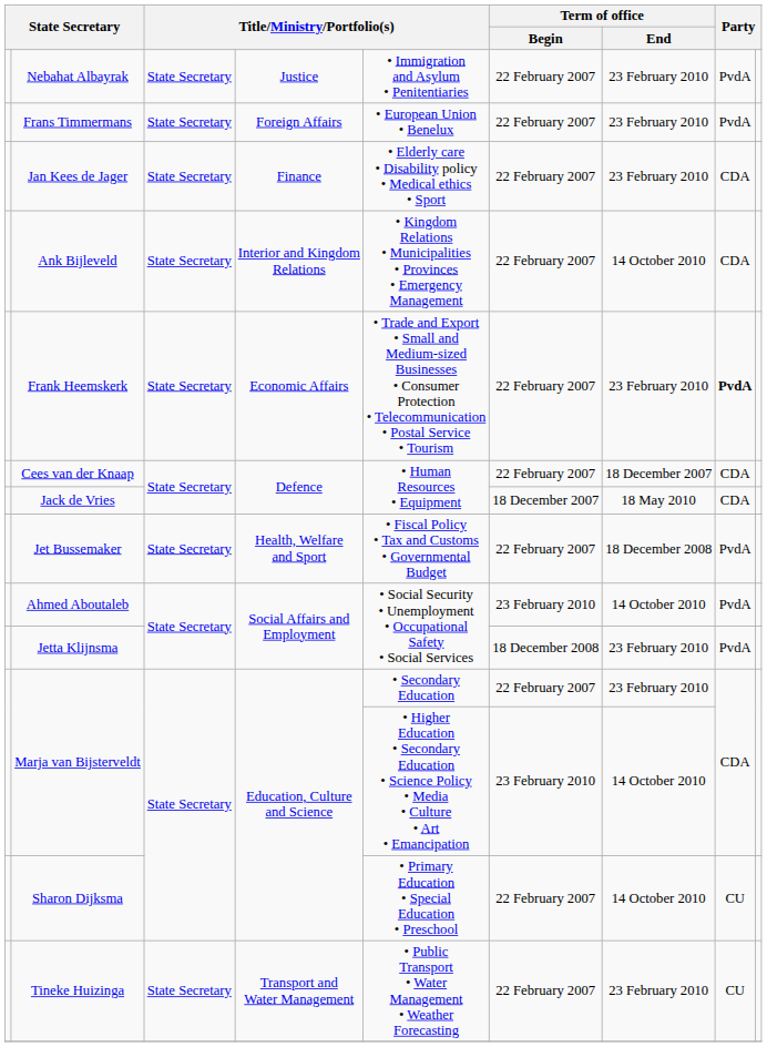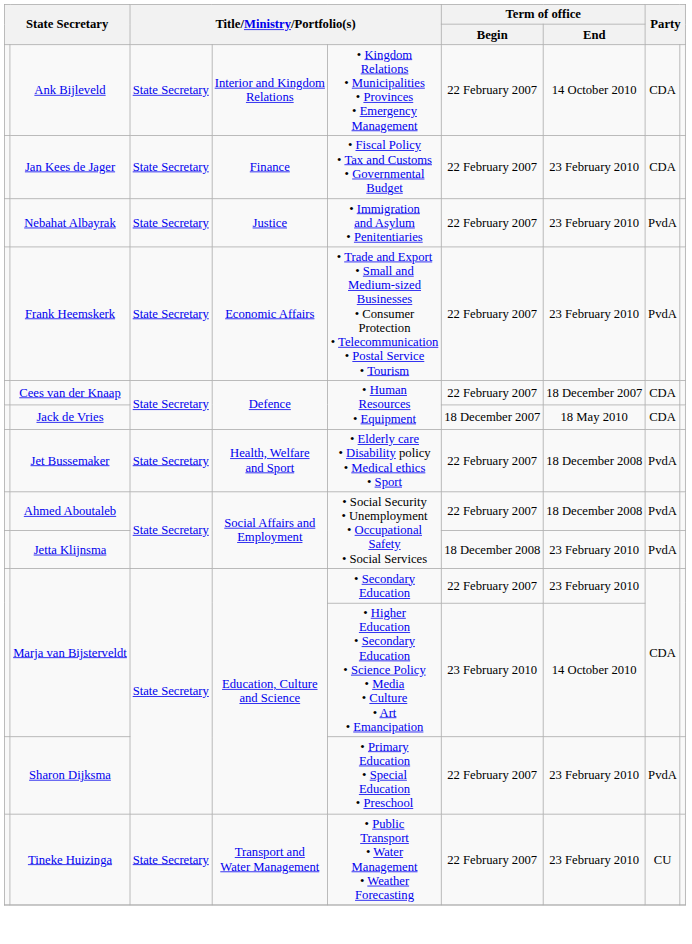 <table class="wikitable sortable" style="text-align:center">
 <tr>
 <th colspan=2 rowspan=2>State Secretary</th>
 <th colspan=3 rowspan=2>Title/<a href='#'>Ministry</a>/Portfolio(s)</th>
 <th class=unsortable colspan="2">Term of office</th>
 <th rowspan=2 colspan=2>Party</th>
 </tr>
 <tr>
 <th data-sort-type=date>Begin</th>
 <th data-sort-type=date>End</th>
+</tr>
+<tr>
+<td></td>
+<td><a href='#'>Ank Bijleveld</a></td>
+<td><a href='#'>State Secretary</a></td>
+<td><a href='#'>Interior and Kingdom <br> Relations</a></td>
+<td>• <a href='#'>Kingdom <br> Relations</a> <br> • <a href='#'>Municipalities</a> <br> • <a href='#'>Provinces</a> <br> • <a href='#'>Emergency <br> Management</a></td>
+<td>22 February 2007</td>
+<td>14 October 2010</td>
+<td>CDA</td>
+<td style="background:"></td>
+</tr>
+<tr>
+<td></td>
+<td><a href='#'>Jan Kees de Jager</a></td>
+<td><a href='#'>State Secretary</a></td>
+<td><a href='#'>Finance</a></td>
+<td>• <a href='#'>Fiscal Policy</a> <br> • <a href='#'>Tax and Customs</a> <br> • <a href='#'>Governmental <br> Budget</a></td>
+<td>22 February 2007</td>
+<td>23 February 2010 <br> </td>
+<td>CDA</td>
+<td style="background:"></td>
 </tr>
 <tr>
 <td></td>
 <td><a href='#'>Nebahat Albayrak</a></td>
 <td><a href='#'>State Secretary</a></td>
 <td><a href='#'>Justice</a></td>
 <td>• <a href='#'>Immigration <br> and Asylum</a> <br> • <a href='#'>Penitentiaries</a></td>
 <td>22 February 2007</td>
 <td>23 February 2010</td>
 <td>PvdA</td>
 <td style="background:"></td>
 </tr>
 <tr>
 <td></td>
-<td><a href='#'>Frans Timmermans</a></td>
-<td><a href='#'>State Secretary</a> <br> </td>
-<td><a href='#'>Foreign Affairs</a></td>
-<td>• <a href='#'>European Union</a> <br> • <a href='#'>Benelux</a></td>
-<td>22 February 2007</td>
-<td>23 February 2010</td>
-<td>PvdA</td>
-<td style="background:"></td>
-</tr>
-<tr>
-<td></td>
-<td><a href='#'>Jan Kees de Jager</a></td>
-<td><a href='#'>State Secretary</a></td>
-<td><a href='#'>Finance</a></td>
-<td>• <a href='#'>Elderly care</a> <br> • <a href='#'>Disability</a> policy <br> • <a href='#'>Medical ethics</a> <br> • <a href='#'>Sport</a></td>
-<td>22 February 2007</td>
-<td>23 February 2010 <br> </td>
-<td>CDA</td>
-<td style="background:"></td>
-</tr>
-<tr>
-<td></td>
-<td><a href='#'>Ank Bijleveld</a></td>
-<td><a href='#'>State Secretary</a></td>
-<td><a href='#'>Interior and Kingdom <br> Relations</a></td>
-<td>• <a href='#'>Kingdom <br> Relations</a> <br> • <a href='#'>Municipalities</a> <br> • <a href='#'>Provinces</a> <br> • <a href='#'>Emergency <br> Management</a></td>
-<td>22 February 2007</td>
-<td>14 October 2010</td>
-<td>CDA</td>
-<td style="background:"></td>
-</tr>
-<tr>
-<td></td>
 <td><a href='#'>Frank Heemskerk</a></td>
 <td><a href='#'>State Secretary</a> <br> </td>
 <td><a href='#'>Economic Affairs</a></td>
 <td>• <a href='#'>Trade and Export</a> <br> • <a href='#'>Small and <br> Medium-sized <br> Businesses</a> <br> • Consumer <br> Protection <br> • <a href='#'>Telecommunication</a> <br> • <a href='#'>Postal Service</a> <br> • <a href='#'>Tourism</a> <br> </td>
 <td>22 February 2007</td>
 <td>23 February 2010</td>
-<td><strong>PvdA</strong></td>
+<td>PvdA</td>
 <td style="background:"></td>
 </tr>
 <tr>
 <td></td>
 <td><a href='#'>Cees van der Knaap</a></td>
 <td rowspan=2><a href='#'>State Secretary</a></td>
 <td rowspan=2><a href='#'>Defence</a></td>
 <td rowspan=2>• <a href='#'>Human <br> Resources</a> <br> • <a href='#'>Equipment</a></td>
 <td>22 February 2007</td>
 <td>18 December 2007</td>
 <td>CDA</td>
 <td style="background:"></td>
 </tr>
 <tr>
 <td></td>
 <td><a href='#'>Jack de Vries</a></td>
 <td>18 December 2007</td>
 <td>18 May 2010</td>
 <td>CDA</td>
 <td style="background:"></td>
 </tr>
 <tr>
 <td></td>
 <td><a href='#'>Jet Bussemaker</a></td>
 <td><a href='#'>State Secretary</a></td>
 <td><a href='#'>Health, Welfare <br> and Sport</a></td>
-<td>• <a href='#'>Fiscal Policy</a> <br> • <a href='#'>Tax and Customs</a> <br> • <a href='#'>Governmental <br> Budget</a></td>
+<td>• <a href='#'>Elderly care</a> <br> • <a href='#'>Disability</a> policy <br> • <a href='#'>Medical ethics</a> <br> • <a href='#'>Sport</a></td>
 <td>22 February 2007</td>
 <td>18 December 2008</td>
 <td>PvdA</td>
 <td style="background:"></td>
 </tr>
 <tr>
 <td></td>
 <td><a href='#'>Ahmed Aboutaleb</a></td>
 <td rowspan=2><a href='#'>State Secretary</a></td>
 <td rowspan=2><a href='#'>Social Affairs and <br> Employment</a></td>
 <td rowspan=2>• Social Security <br> • Unemployment <br> • <a href='#'>Occupational <br> Safety</a> <br> • Social Services</td>
-<td>23 February 2010</td>
-<td>14 October 2010</td>
+<td>22 February 2007</td>
+<td>18 December 2008</td>
 <td>PvdA</td>
 <td style="background:"></td>
 </tr>
 <tr>
 <td></td>
 <td><a href='#'>Jetta Klijnsma</a></td>
 <td>18 December 2008</td>
 <td>23 February 2010</td>
 <td>PvdA</td>
 <td style="background:"></td>
 </tr>
 <tr>
 <td rowspan=2></td>
 <td rowspan=2><a href='#'>Marja van Bijsterveldt</a></td>
 <td rowspan=3><a href='#'>State Secretary</a></td>
 <td rowspan=3><a href='#'>Education, Culture <br> and Science</a></td>
 <td>• <a href='#'>Secondary <br> Education</a></td>
 <td>22 February 2007</td>
 <td>23 February 2010</td>
 <td rowspan=2>CDA</td>
 <td rowspan=2 style="background:"></td>
 </tr>
 <tr>
 <td>• <a href='#'>Higher <br> Education</a> <br> • <a href='#'>Secondary <br> Education</a> <br> • <a href='#'>Science Policy</a>  <br> • <a href='#'>Media</a> <br> • <a href='#'>Culture</a> <br> • <a href='#'>Art</a> <br> • <a href='#'>Emancipation</a></td>
 <td>23 February 2010</td>
 <td>14 October 2010</td>
 </tr>
 <tr>
 <td></td>
 <td><a href='#'>Sharon Dijksma</a></td>
 <td>• <a href='#'>Primary <br> Education</a> <br> • <a href='#'>Special <br> Education</a> <br> • <a href='#'>Preschool</a></td>
 <td>22 February 2007</td>
-<td>14 October 2010</td>
-<td>CU</td>
+<td>23 February 2010</td>
+<td>PvdA</td>
 <td style="background:"></td>
 </tr>
 <tr>
 <td></td>
 <td><a href='#'>Tineke Huizinga</a></td>
 <td><a href='#'>State Secretary</a></td>
 <td><a href='#'>Transport and <br> Water Management</a></td>
 <td>• <a href='#'>Public <br> Transport</a> <br> • <a href='#'>Water <br> Management</a> <br> • <a href='#'>Weather <br> Forecasting</a></td>
 <td>22 February 2007</td>
 <td>23 February 2010</td>
 <td>CU</td>
 <td style="background:"></td>
 </tr>
 <tr>
 </tr>
 </table>
